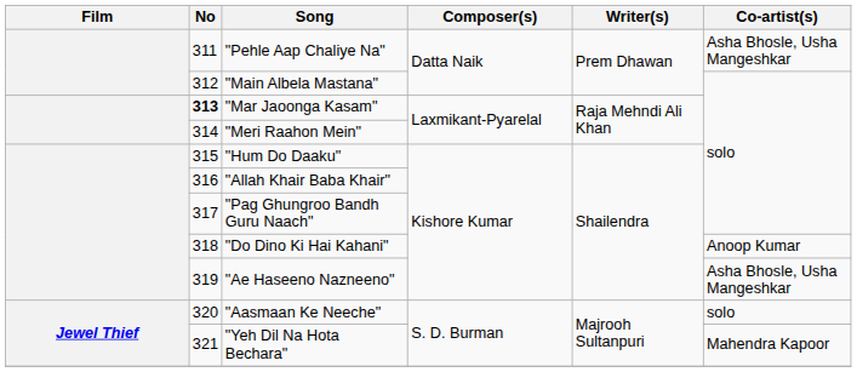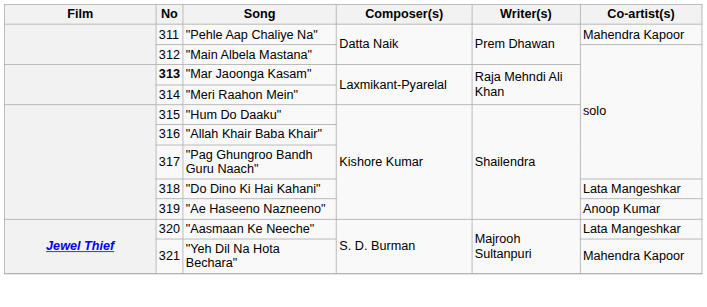 <table class="wikitable plainrowheaders" width="100%" textcolor:#000;">
 <tr style="background:#b0e0e66;">
 <th scope="col" width=23%><strong>Film</strong></th>
 <th><strong>No</strong></th>
 <th scope="col" width=23%><strong>Song</strong></th>
 <th scope="col" width=20%><strong>Composer(s)</strong></th>
 <th scope="col" width=16%><strong>Writer(s)</strong></th>
 <th scope="col" width=18%><strong>Co-artist(s)</strong></th>
 </tr>
 <tr>
 <th rowspan=2><em></em></th>
 <td>311</td>
 <td>"Pehle Aap Chaliye Na"</td>
 <td rowspan=2>Datta Naik</td>
 <td rowspan=2>Prem Dhawan</td>
-<td>Asha Bhosle, Usha Mangeshkar</td>
+<td>Mahendra Kapoor</td>
 </tr>
 <tr>
 <td>312</td>
 <td>"Main Albela Mastana"</td>
 <td rowspan=6>solo</td>
 </tr>
 <tr>
 <th rowspan=2><em></em></th>
 <td><strong>313</strong></td>
 <td>"Mar Jaoonga Kasam"</td>
 <td rowspan=2>Laxmikant-Pyarelal</td>
 <td rowspan=2>Raja Mehndi Ali Khan</td>
 </tr>
 <tr>
 <td>314</td>
 <td>"Meri Raahon Mein"</td>
 </tr>
 <tr>
 <th rowspan=5><em></em></th>
 <td>315</td>
 <td>"Hum Do Daaku"</td>
 <td rowspan=5>Kishore Kumar</td>
 <td rowspan=5>Shailendra</td>
 </tr>
 <tr>
 <td>316</td>
 <td>"Allah Khair Baba Khair"</td>
 </tr>
 <tr>
 <td>317</td>
 <td>"Pag Ghungroo Bandh Guru Naach"</td>
 </tr>
 <tr>
 <td>318</td>
 <td>"Do Dino Ki Hai Kahani"</td>
-<td>Anoop Kumar</td>
+<td>Lata Mangeshkar</td>
 </tr>
 <tr>
 <td>319</td>
 <td>"Ae Haseeno Nazneeno"</td>
-<td>Asha Bhosle, Usha Mangeshkar</td>
+<td>Anoop Kumar</td>
 </tr>
 <tr>
 <th rowspan=2><em><a href='#'>Jewel Thief</a></em></th>
 <td>320</td>
 <td>"Aasmaan Ke Neeche"</td>
 <td rowspan=2>S. D. Burman</td>
 <td rowspan=2>Majrooh Sultanpuri</td>
-<td>solo</td>
+<td>Lata Mangeshkar</td>
 </tr>
 <tr>
 <td>321</td>
 <td>"Yeh Dil Na Hota Bechara"</td>
 <td>Mahendra Kapoor</td>
 </tr>
 <tr>
 </tr>
 </table>
